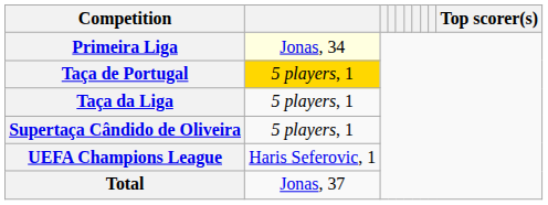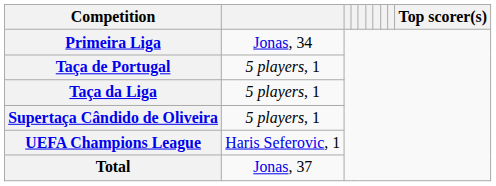 <table class="wikitable plainrowheaders" style="text-align:center;">
 <tr>
 <th scope=col>Competition</th>
 <th scope=col></th>
 <th scope=col></th>
 <th scope=col></th>
 <th scope=col></th>
 <th scope=col></th>
 <th scope=col></th>
 <th scope=col></th>
 <th scope=col></th>
 <th scope=col>Top scorer(s)</th>
 </tr>
 <tr>
 <th scope=row align=left><a href='#'>Primeira Liga</a><br></th>
-<td style="background: lightyellow;"> <a href='#'>Jonas</a>, 34</td>
+<td> <a href='#'>Jonas</a>, 34</td>
 </tr>
 <tr>
 <th scope=row align=left><a href='#'>Taça de Portugal</a><br></th>
-<td style="background: gold;"><em>5 players</em>, 1</td>
+<td><em>5 players</em>, 1</td>
 </tr>
 <tr>
 <th scope=row align=left><a href='#'>Taça da Liga</a><br></th>
 <td><em>5 players</em>, 1</td>
 </tr>
 <tr>
 <th scope=row align=left><a href='#'>Supertaça Cândido de Oliveira</a><br></th>
 <td><em>5 players</em>, 1</td>
 </tr>
 <tr>
 <th scope=row align=left><a href='#'>UEFA Champions League</a><br></th>
 <td> <a href='#'>Haris Seferovic</a>, 1</td>
 </tr>
 <tr>
 <th>Total<br></th>
 <td> <a href='#'>Jonas</a>, 37</td>
 </tr>
 </table>
